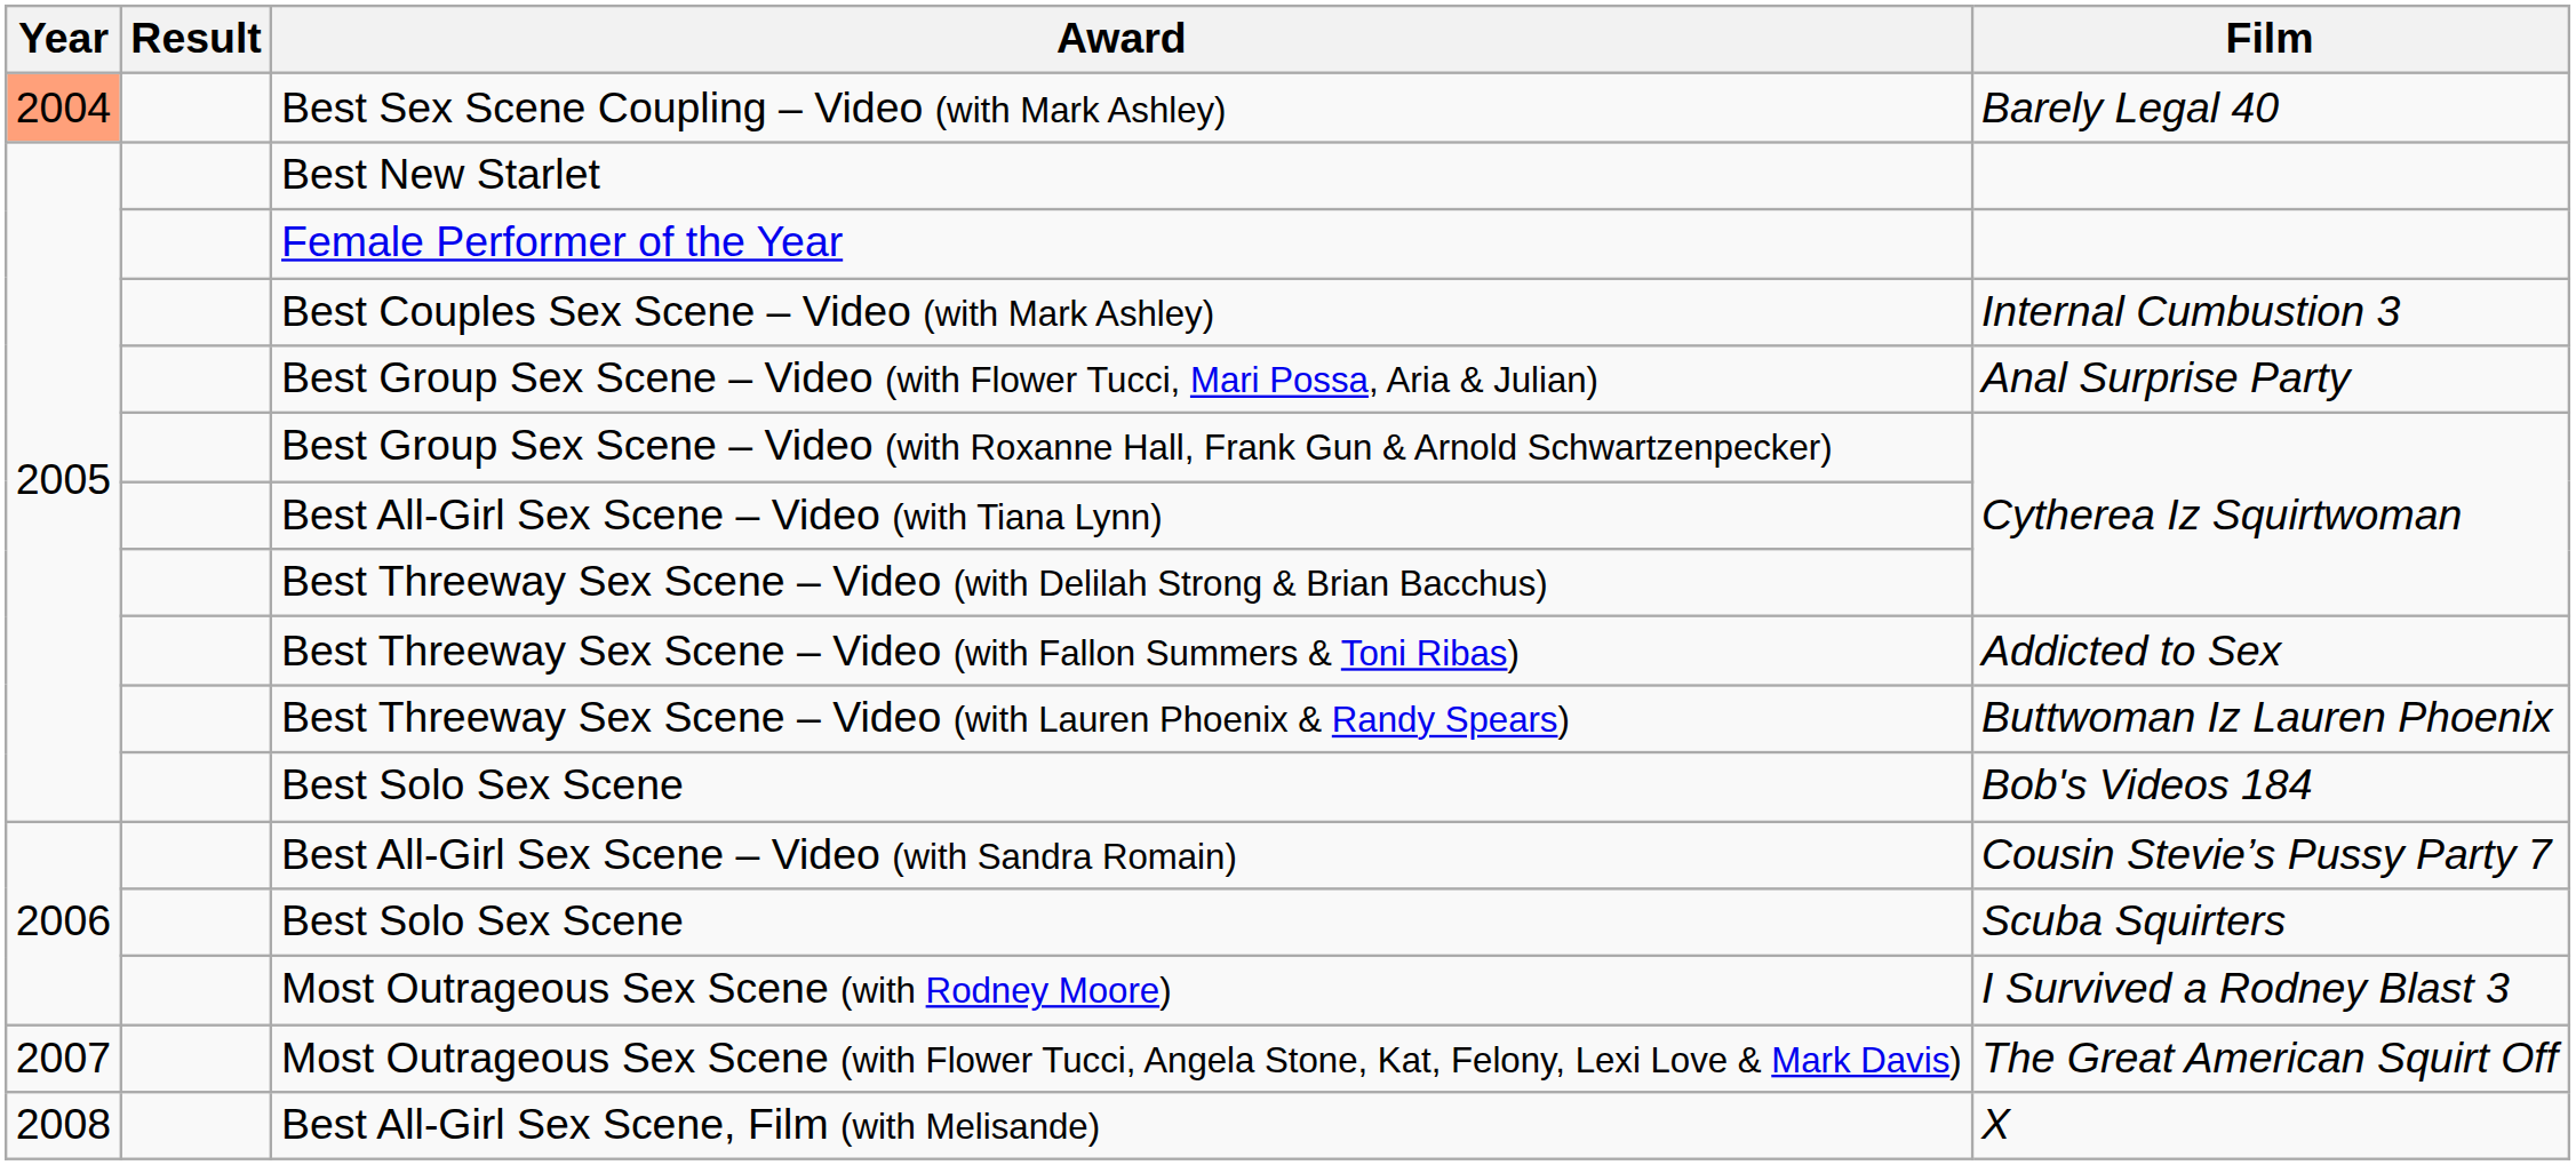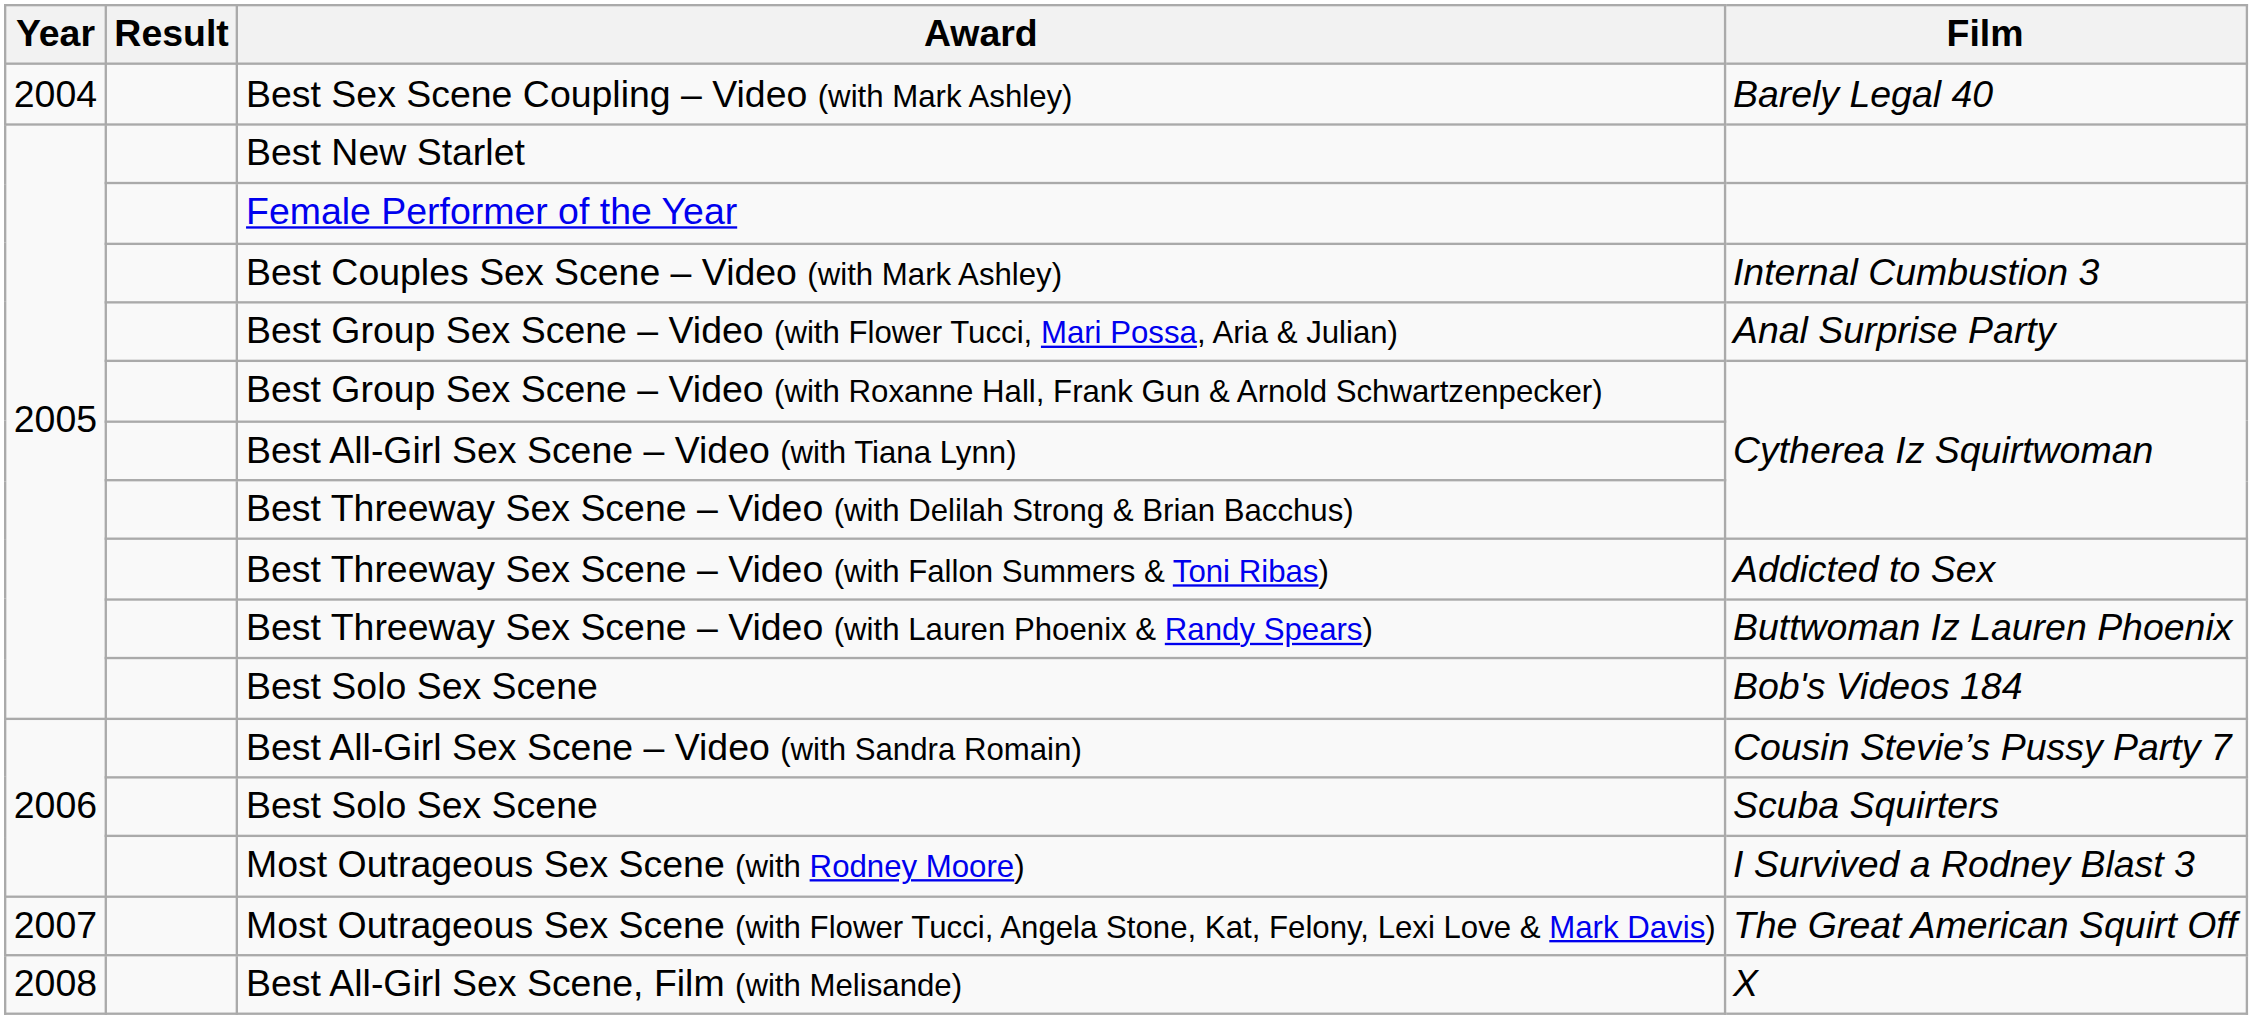 <table class="wikitable">
 <tr>
 <th>Year</th>
 <th>Result</th>
 <th>Award</th>
 <th>Film</th>
 </tr>
 <tr>
-<td style="background: lightsalmon;">2004</td>
+<td>2004</td>
 <td></td>
 <td>Best Sex Scene Coupling – Video <small>(with Mark Ashley)</small></td>
 <td><em>Barely Legal 40</em></td>
 </tr>
 <tr>
 <td rowspan="10">2005</td>
 <td></td>
 <td>Best New Starlet</td>
 <td></td>
 </tr>
 <tr>
 <td></td>
 <td><a href='#'>Female Performer of the Year</a></td>
 <td></td>
 </tr>
 <tr>
 <td></td>
 <td>Best Couples Sex Scene – Video <small>(with Mark Ashley)</small></td>
 <td><em>Internal Cumbustion 3</em></td>
 </tr>
 <tr>
 <td></td>
 <td>Best Group Sex Scene – Video <small>(with Flower Tucci, <a href='#'>Mari Possa</a>, Aria & Julian)</small></td>
 <td><em>Anal Surprise Party</em></td>
 </tr>
 <tr>
 <td></td>
 <td>Best Group Sex Scene – Video <small>(with Roxanne Hall, Frank Gun & Arnold Schwartzenpecker)</small></td>
 <td rowspan="3"><em>Cytherea Iz Squirtwoman</em></td>
 </tr>
 <tr>
 <td></td>
 <td>Best All-Girl Sex Scene – Video <small>(with Tiana Lynn)</small></td>
 </tr>
 <tr>
 <td></td>
 <td>Best Threeway Sex Scene – Video <small>(with Delilah Strong & Brian Bacchus)</small></td>
 </tr>
 <tr>
 <td></td>
 <td>Best Threeway Sex Scene – Video <small>(with Fallon Summers & <a href='#'>Toni Ribas</a>)</small></td>
 <td><em>Addicted to Sex</em></td>
 </tr>
 <tr>
 <td></td>
 <td>Best Threeway Sex Scene – Video <small>(with Lauren Phoenix & <a href='#'>Randy Spears</a>)</small></td>
 <td><em>Buttwoman Iz Lauren Phoenix</em></td>
 </tr>
 <tr>
 <td></td>
 <td>Best Solo Sex Scene</td>
 <td><em>Bob's Videos 184</em></td>
 </tr>
 <tr>
 <td rowspan="3">2006</td>
 <td></td>
 <td>Best All-Girl Sex Scene – Video <small>(with Sandra Romain)</small></td>
 <td><em>Cousin Stevie’s Pussy Party 7</em></td>
 </tr>
 <tr>
 <td></td>
 <td>Best Solo Sex Scene</td>
 <td><em>Scuba Squirters</em></td>
 </tr>
 <tr>
 <td></td>
 <td>Most Outrageous Sex Scene <small>(with <a href='#'>Rodney Moore</a>)</small></td>
 <td><em>I Survived a Rodney Blast 3</em></td>
 </tr>
 <tr>
 <td>2007</td>
 <td></td>
 <td>Most Outrageous Sex Scene <small>(with Flower Tucci, Angela Stone, Kat, Felony, Lexi Love & <a href='#'>Mark Davis</a>)</small></td>
 <td><em>The Great American Squirt Off</em></td>
 </tr>
 <tr>
 <td>2008</td>
 <td></td>
 <td>Best All-Girl Sex Scene, Film <small>(with Melisande)</small></td>
 <td><em>X</em></td>
 </tr>
 </table>
